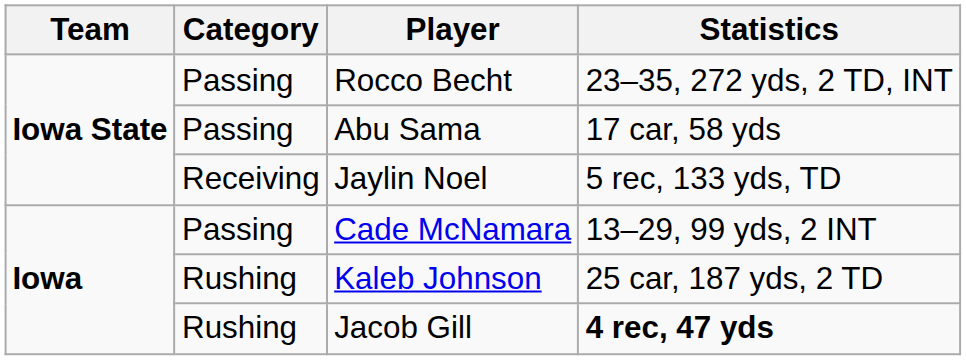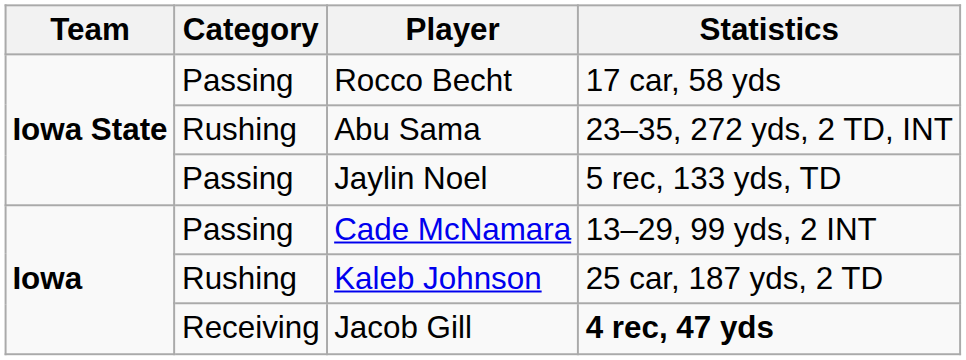 <table class="wikitable" style="float: right;">
 <tr>
 <th>Team</th>
 <th>Category</th>
 <th>Player</th>
 <th>Statistics</th>
 </tr>
 <tr>
 <td rowspan=3><strong>Iowa State</strong></td>
 <td>Passing</td>
 <td>Rocco Becht</td>
+<td>17 car, 58 yds</td>
+</tr>
+<tr>
+<td>Rushing</td>
+<td>Abu Sama</td>
 <td>23–35, 272 yds, 2 TD, INT</td>
 </tr>
 <tr>
 <td>Passing</td>
-<td>Abu Sama</td>
-<td>17 car, 58 yds</td>
-</tr>
-<tr>
-<td>Receiving</td>
 <td>Jaylin Noel</td>
 <td>5 rec, 133 yds, TD</td>
 </tr>
 <tr>
 <td rowspan=3><strong>Iowa</strong></td>
 <td>Passing</td>
 <td><a href='#'>Cade McNamara</a></td>
 <td>13–29, 99 yds, 2 INT</td>
 </tr>
 <tr>
 <td>Rushing</td>
 <td><a href='#'>Kaleb Johnson</a></td>
 <td>25 car, 187 yds, 2 TD</td>
 </tr>
 <tr>
-<td>Rushing</td>
+<td>Receiving</td>
 <td>Jacob Gill</td>
 <td><strong>4 rec, 47 yds</strong></td>
 </tr>
 </table>
